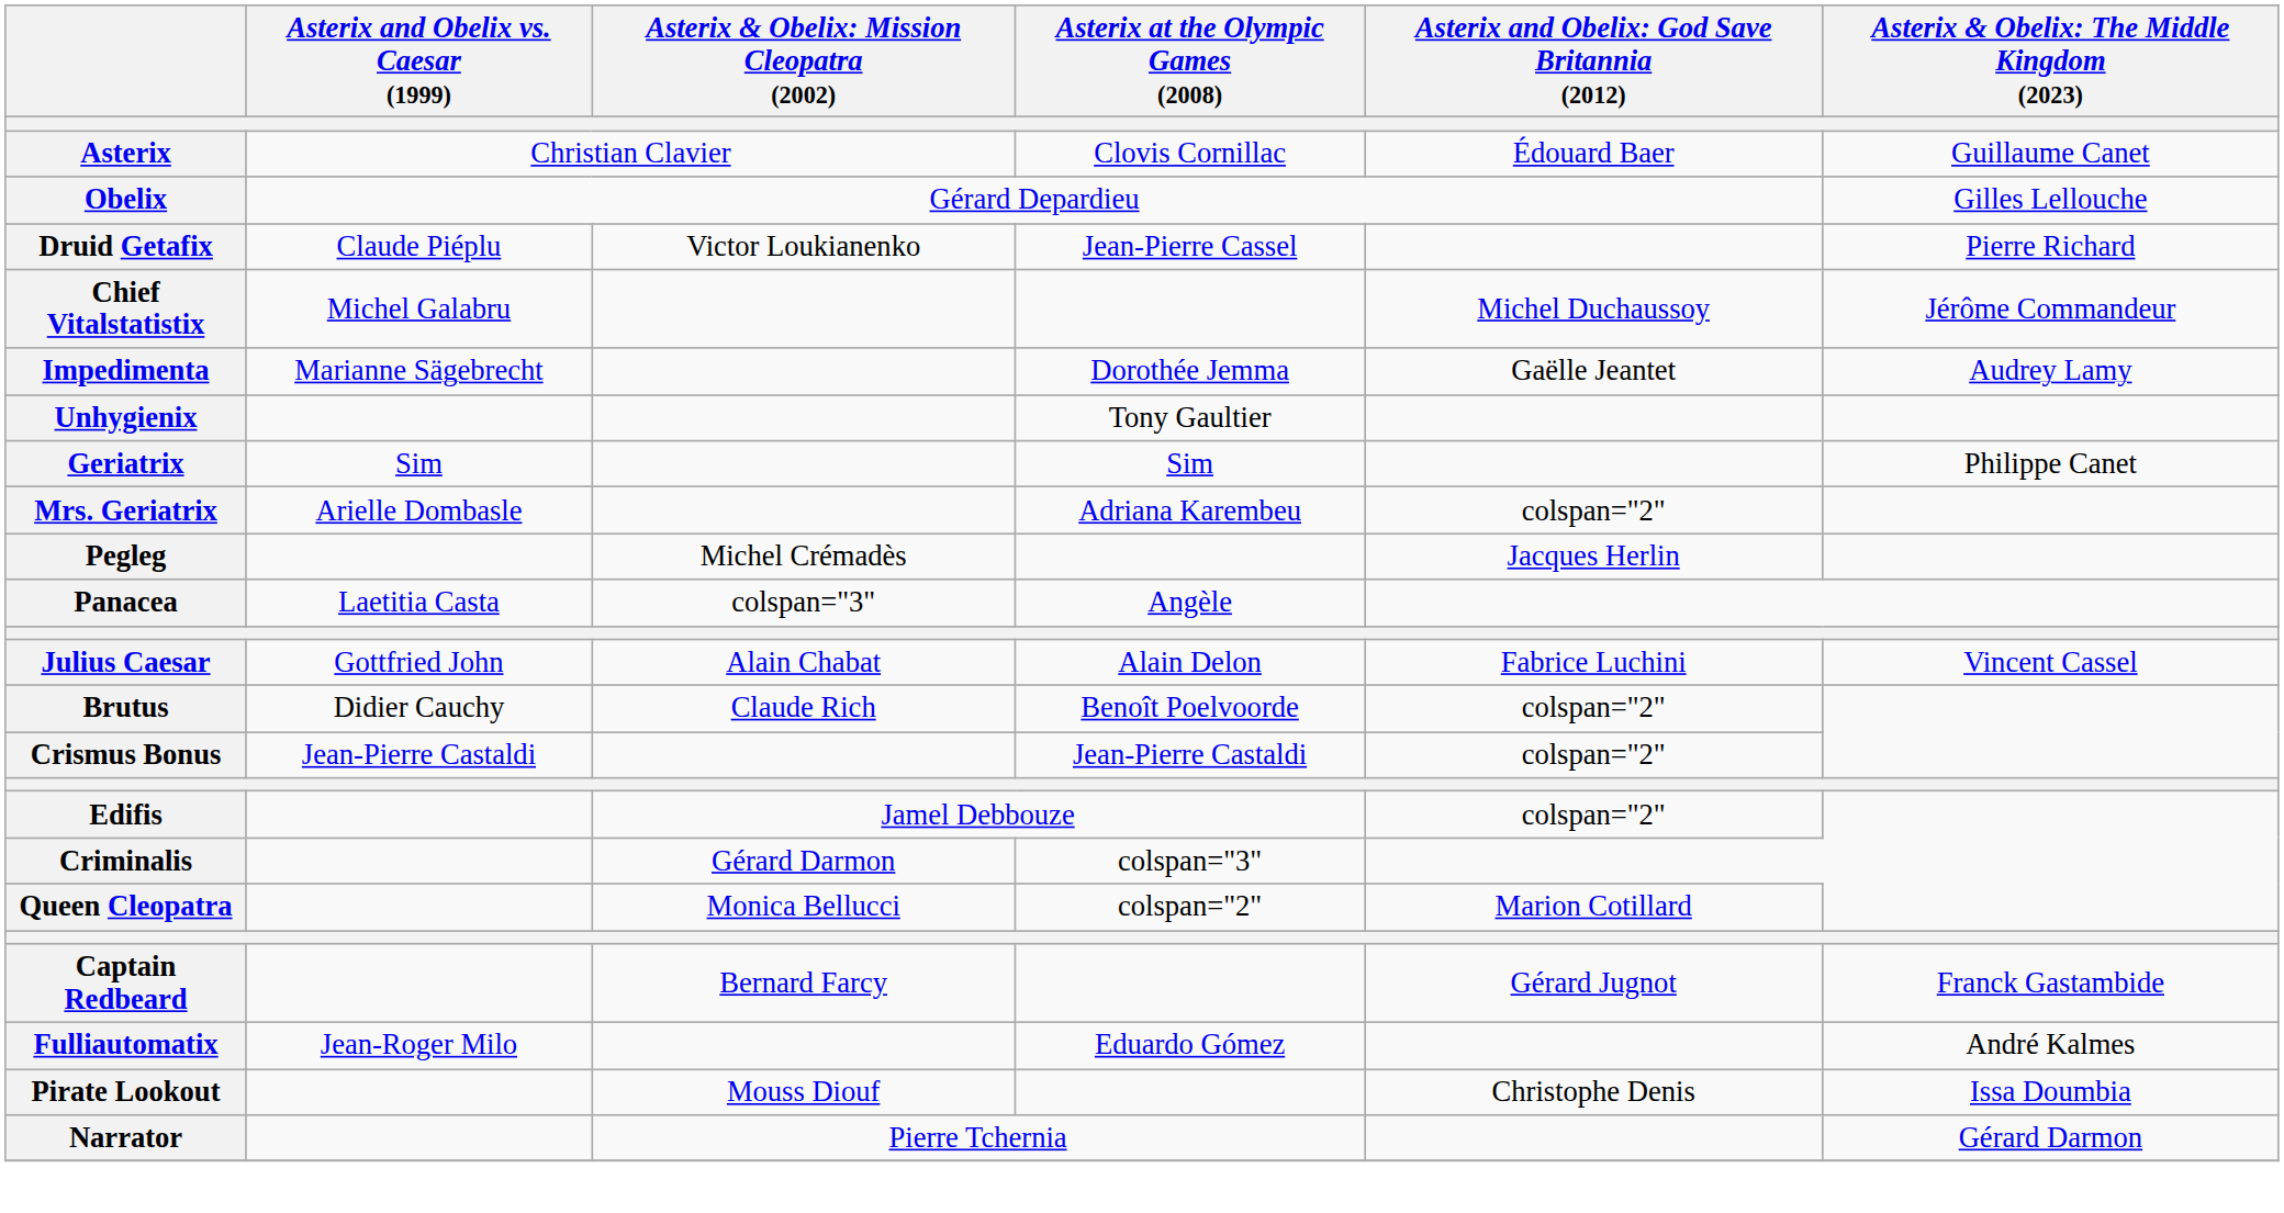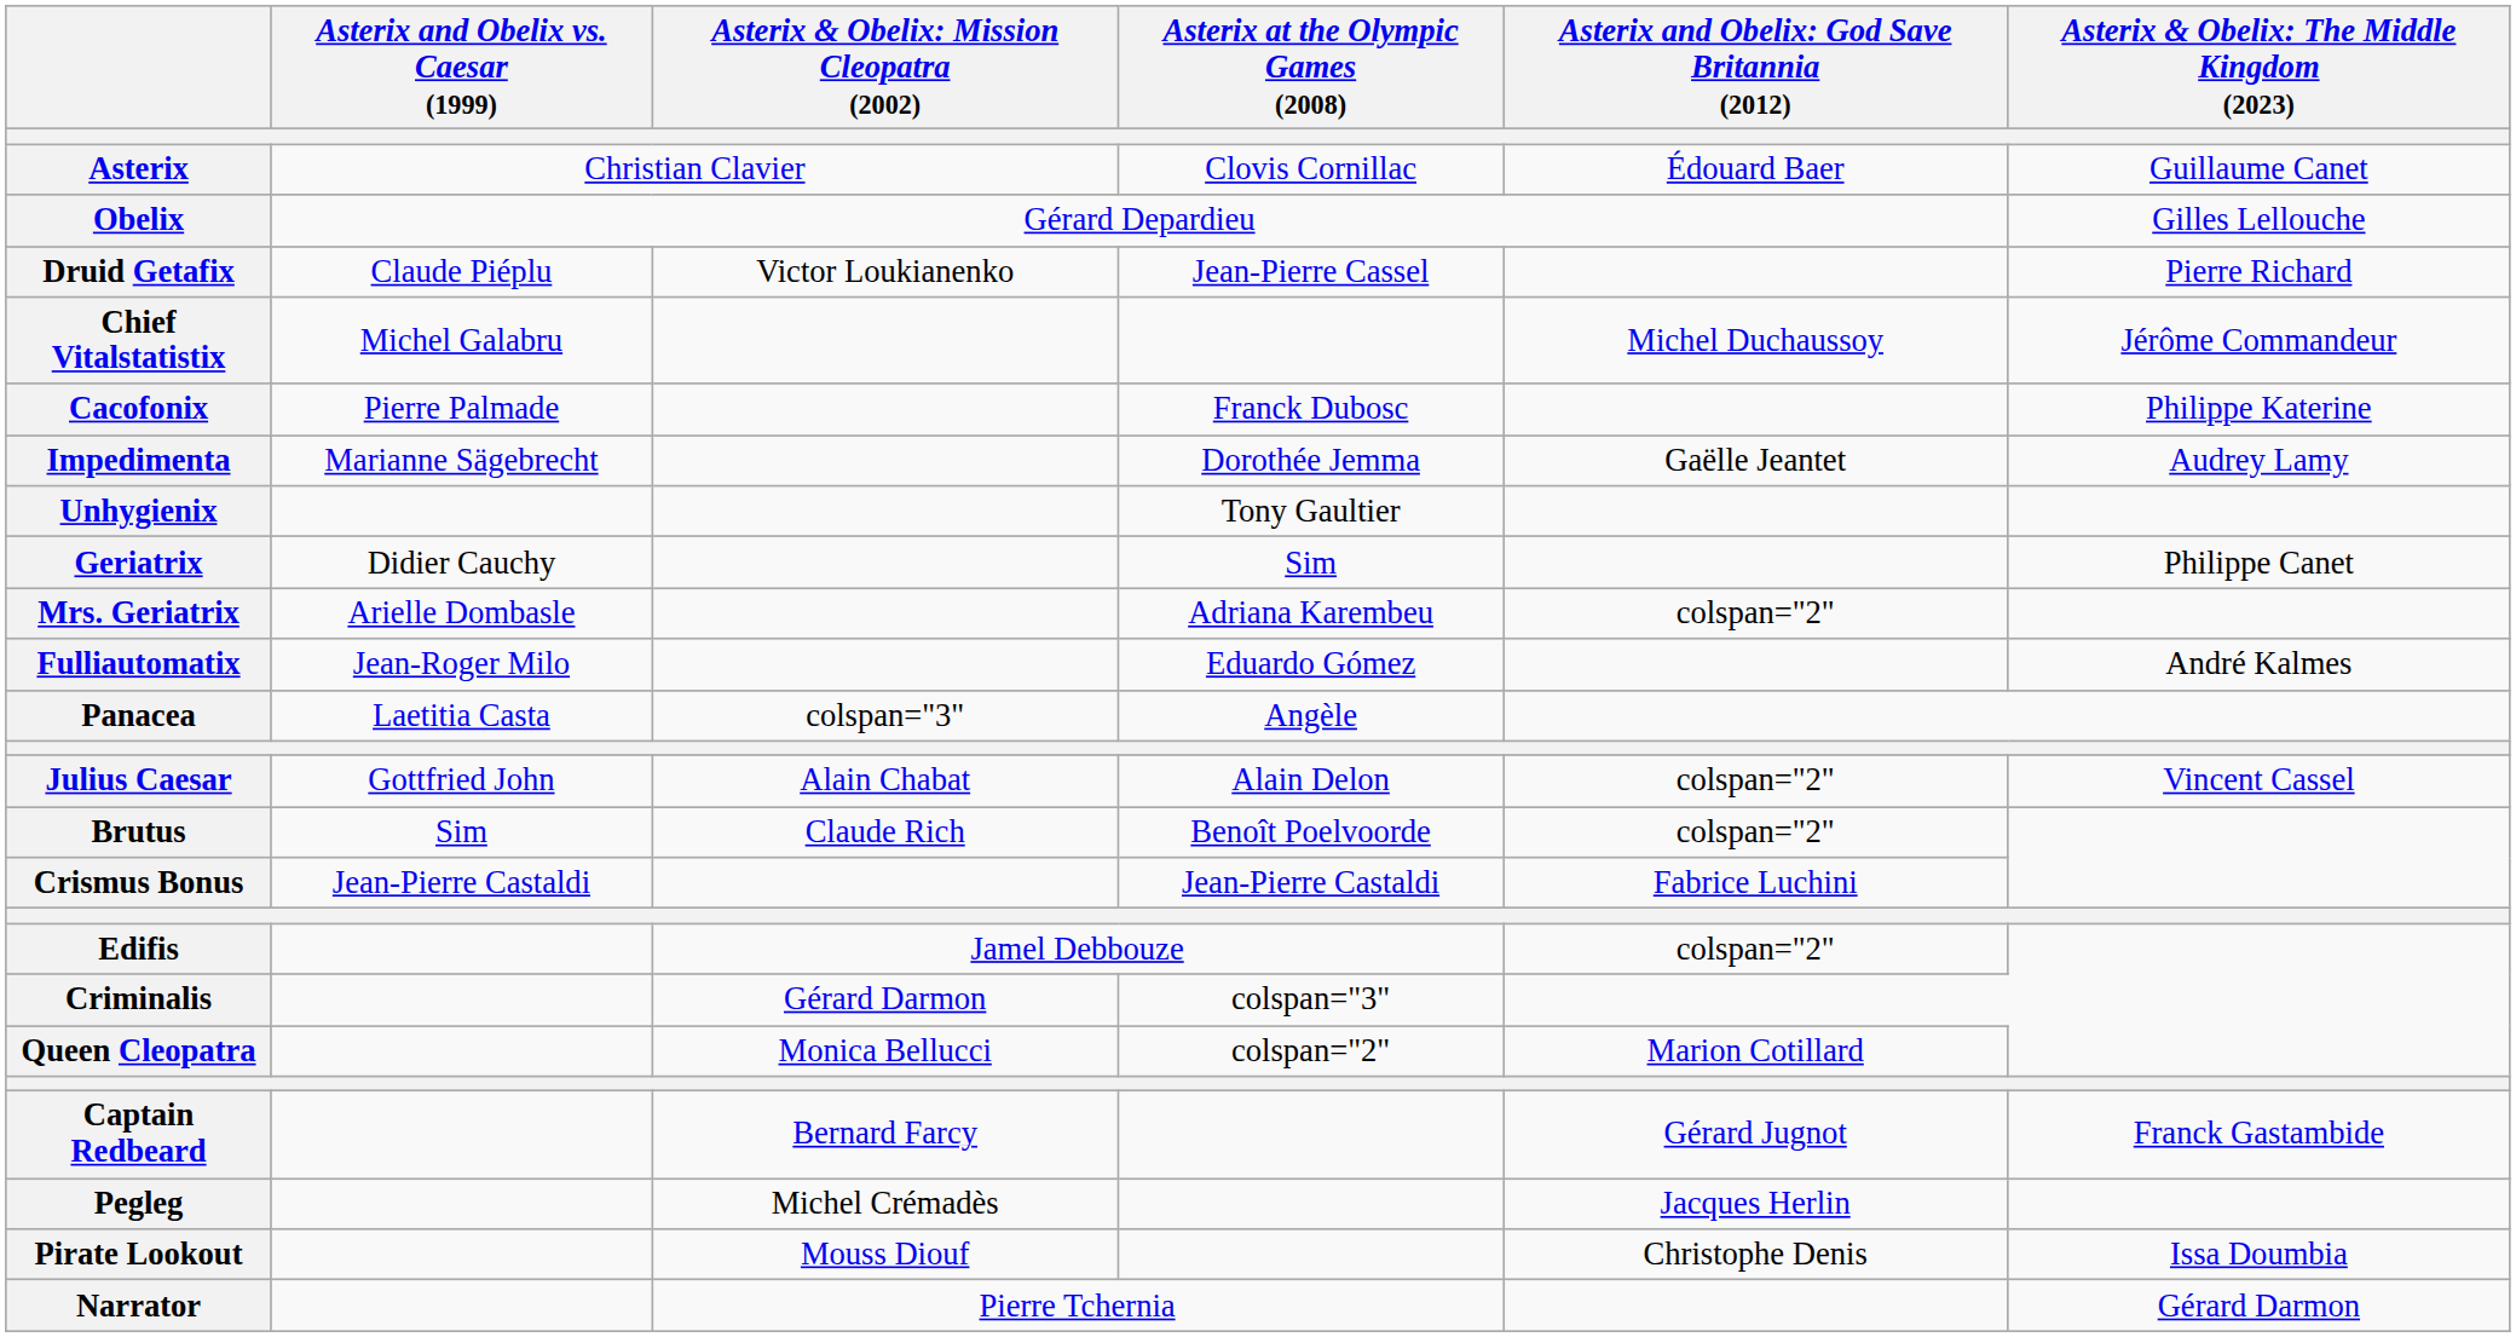 <table class="wikitable" style="text-align:center;">
 <tr>
 <th></th>
 <th><em><a href='#'>Asterix and Obelix vs. Caesar</a></em><br><small>(1999)</small></th>
 <th><em><a href='#'>Asterix & Obelix: Mission Cleopatra</a></em><br><small>(2002)</small></th>
 <th><em><a href='#'>Asterix at the Olympic Games</a></em><br><small>(2008)</small></th>
 <th><em><a href='#'>Asterix and Obelix: God Save Britannia</a></em><br><small>(2012)</small></th>
 <th><em><a href='#'>Asterix & Obelix: The Middle Kingdom</a></em><br><small>(2023)</small></th>
 </tr>
 <tr>
 <th colspan="6"></th>
 </tr>
 <tr>
 <th><a href='#'>Asterix</a></th>
 <td colspan="2"><a href='#'>Christian Clavier</a></td>
 <td><a href='#'>Clovis Cornillac</a></td>
 <td><a href='#'>Édouard Baer</a></td>
 <td><a href='#'>Guillaume Canet</a></td>
 </tr>
 <tr>
 <th><a href='#'>Obelix</a></th>
 <td colspan="4"><a href='#'>Gérard Depardieu</a></td>
 <td><a href='#'>Gilles Lellouche</a></td>
 </tr>
 <tr>
 <th>Druid <a href='#'>Getafix</a></th>
 <td><a href='#'>Claude Piéplu</a></td>
 <td>Victor Loukianenko</td>
 <td><a href='#'>Jean-Pierre Cassel</a></td>
 <td></td>
 <td><a href='#'>Pierre Richard</a></td>
 </tr>
 <tr>
 <th>Chief <a href='#'>Vitalstatistix</a></th>
 <td><a href='#'>Michel Galabru</a></td>
 <td></td>
 <td></td>
 <td><a href='#'>Michel Duchaussoy</a></td>
 <td><a href='#'>Jérôme Commandeur</a></td>
 </tr>
 <tr>
+<th><a href='#'>Cacofonix</a></th>
+<td><a href='#'>Pierre Palmade</a></td>
+<td></td>
+<td><a href='#'>Franck Dubosc</a></td>
+<td></td>
+<td><a href='#'>Philippe Katerine</a></td>
+</tr>
+<tr>
 <th><a href='#'>Impedimenta</a></th>
 <td><a href='#'>Marianne Sägebrecht</a></td>
 <td></td>
 <td><a href='#'>Dorothée Jemma</a></td>
 <td>Gaëlle Jeantet</td>
 <td><a href='#'>Audrey Lamy</a></td>
 </tr>
 <tr>
 <th><a href='#'>Unhygienix</a></th>
 <td></td>
 <td></td>
 <td>Tony Gaultier</td>
 <td></td>
 <td></td>
 </tr>
 <tr>
 <th><a href='#'>Geriatrix</a></th>
-<td><a href='#'>Sim</a></td>
+<td>Didier Cauchy</td>
 <td></td>
 <td><a href='#'>Sim</a></td>
 <td></td>
 <td>Philippe Canet</td>
 </tr>
 <tr>
 <th><a href='#'>Mrs. Geriatrix</a></th>
 <td><a href='#'>Arielle Dombasle</a></td>
 <td></td>
 <td><a href='#'>Adriana Karembeu</a></td>
 <td>colspan="2" </td>
 </tr>
 <tr>
-<th>Pegleg</th>
+<th><a href='#'>Fulliautomatix</a></th>
+<td><a href='#'>Jean-Roger Milo</a></td>
 <td></td>
-<td>Michel Crémadès</td>
+<td><a href='#'>Eduardo Gómez</a></td>
 <td></td>
-<td><a href='#'>Jacques Herlin</a></td>
-<td></td>
+<td>André Kalmes</td>
 </tr>
 <tr>
 <th>Panacea</th>
 <td><a href='#'>Laetitia Casta</a></td>
 <td>colspan="3" </td>
 <td><a href='#'>Angèle</a></td>
 </tr>
 <tr>
 <th colspan="6"></th>
 </tr>
 <tr>
 <th><a href='#'>Julius Caesar</a></th>
 <td><a href='#'>Gottfried John</a></td>
 <td><a href='#'>Alain Chabat</a></td>
 <td><a href='#'>Alain Delon</a></td>
-<td><a href='#'>Fabrice Luchini</a></td>
+<td>colspan="2" </td>
 <td><a href='#'>Vincent Cassel</a></td>
 </tr>
 <tr>
 <th>Brutus</th>
-<td>Didier Cauchy</td>
+<td><a href='#'>Sim</a></td>
 <td><a href='#'>Claude Rich</a></td>
 <td><a href='#'>Benoît Poelvoorde</a></td>
 <td>colspan="2" </td>
 </tr>
 <tr>
 <th>Crismus Bonus</th>
 <td><a href='#'>Jean-Pierre Castaldi</a></td>
 <td></td>
 <td><a href='#'>Jean-Pierre Castaldi</a></td>
-<td>colspan="2" </td>
+<td><a href='#'>Fabrice Luchini</a></td>
 </tr>
 <tr>
 <th colspan="6"></th>
 </tr>
 <tr>
 <th>Edifis</th>
 <td></td>
 <td colspan="2"><a href='#'>Jamel Debbouze</a></td>
 <td>colspan="2" </td>
 </tr>
 <tr>
 <th>Criminalis</th>
 <td></td>
 <td><a href='#'>Gérard Darmon</a></td>
 <td>colspan="3" </td>
 </tr>
 <tr>
 <th>Queen <a href='#'>Cleopatra</a></th>
 <td></td>
 <td><a href='#'>Monica Bellucci</a></td>
 <td>colspan="2" </td>
 <td><a href='#'>Marion Cotillard</a></td>
 </tr>
 <tr>
 <th colspan="6"></th>
 </tr>
 <tr>
 <th>Captain <a href='#'>Redbeard</a></th>
 <td></td>
 <td><a href='#'>Bernard Farcy</a></td>
 <td></td>
 <td><a href='#'>Gérard Jugnot</a></td>
 <td><a href='#'>Franck Gastambide</a></td>
 </tr>
 <tr>
-<th><a href='#'>Fulliautomatix</a></th>
-<td><a href='#'>Jean-Roger Milo</a></td>
+<th>Pegleg</th>
 <td></td>
-<td><a href='#'>Eduardo Gómez</a></td>
+<td>Michel Crémadès</td>
 <td></td>
-<td>André Kalmes</td>
+<td><a href='#'>Jacques Herlin</a></td>
+<td></td>
 </tr>
 <tr>
 <th>Pirate Lookout</th>
 <td></td>
 <td><a href='#'>Mouss Diouf</a></td>
 <td></td>
 <td>Christophe Denis</td>
 <td><a href='#'>Issa Doumbia</a></td>
 </tr>
 <tr>
 <th>Narrator</th>
 <td></td>
 <td colspan="2"><a href='#'>Pierre Tchernia</a></td>
 <td></td>
 <td><a href='#'>Gérard Darmon</a></td>
 </tr>
 <tr>
 </tr>
 </table>
